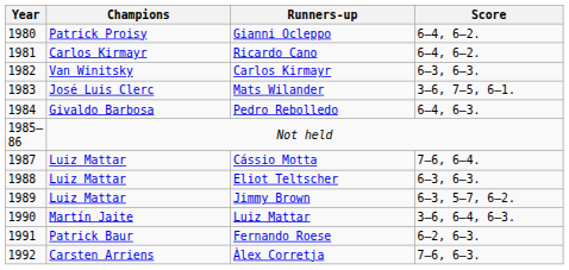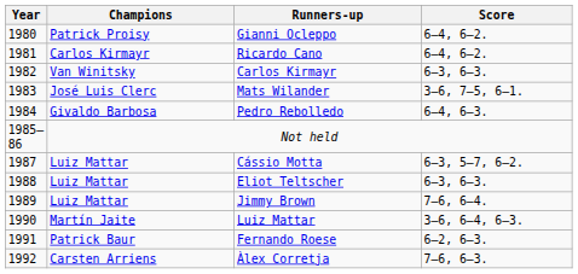 <table class="wikitable">
 <tr>
 <th style="width:40px">Year</th>
 <th style="width:200px">Champions</th>
 <th style="width:200px">Runners-up</th>
 <th style="width:160px" class="unsortable">Score</th>
 </tr>
 <tr>
 <td>1980</td>
 <td> <a href='#'>Patrick Proisy</a></td>
 <td> <a href='#'>Gianni Ocleppo</a></td>
 <td>6–4, 6–2.</td>
 </tr>
 <tr>
 <td>1981</td>
 <td> <a href='#'>Carlos Kirmayr</a></td>
 <td> <a href='#'>Ricardo Cano</a></td>
 <td>6–4, 6–2.</td>
 </tr>
 <tr>
 <td>1982</td>
 <td> <a href='#'>Van Winitsky</a></td>
 <td> <a href='#'>Carlos Kirmayr</a></td>
 <td>6–3, 6–3.</td>
 </tr>
 <tr>
 <td>1983</td>
 <td> <a href='#'>José Luis Clerc</a></td>
 <td> <a href='#'>Mats Wilander</a></td>
 <td>3–6, 7–5, 6–1.</td>
 </tr>
 <tr>
 <td>1984</td>
 <td>  <a href='#'>Givaldo Barbosa</a></td>
 <td> <a href='#'>Pedro Rebolledo</a></td>
 <td>6–4, 6–3.</td>
 </tr>
 <tr>
 <td>1985–86</td>
 <td colspan=3 align=center><em>Not held</em></td>
 </tr>
 <tr>
 <td>1987</td>
 <td> <a href='#'>Luiz Mattar</a></td>
 <td> <a href='#'>Cássio Motta</a></td>
-<td>7–6, 6–4.</td>
+<td>6–3, 5–7, 6–2.</td>
 </tr>
 <tr>
 <td>1988</td>
 <td> <a href='#'>Luiz Mattar</a></td>
 <td> <a href='#'>Eliot Teltscher</a></td>
 <td>6–3, 6–3.</td>
 </tr>
 <tr>
 <td>1989</td>
 <td> <a href='#'>Luiz Mattar</a></td>
 <td> <a href='#'>Jimmy Brown</a></td>
-<td>6–3, 5–7, 6–2.</td>
+<td>7–6, 6–4.</td>
 </tr>
 <tr>
 <td>1990</td>
 <td> <a href='#'>Martín Jaite</a></td>
 <td> <a href='#'>Luiz Mattar</a></td>
 <td>3–6, 6–4, 6–3.</td>
 </tr>
 <tr>
 <td>1991</td>
 <td> <a href='#'>Patrick Baur</a></td>
 <td> <a href='#'>Fernando Roese</a></td>
 <td>6–2, 6–3.</td>
 </tr>
 <tr>
 <td>1992</td>
 <td> <a href='#'>Carsten Arriens</a></td>
 <td> <a href='#'>Àlex Corretja</a></td>
 <td>7–6, 6–3.</td>
 </tr>
 </table>
